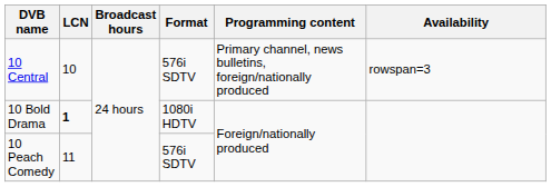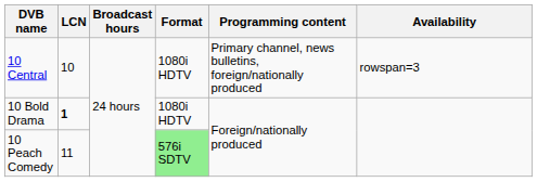 <table class="wikitable" style="font-size:90%; width:100%;">
 <tr>
 <th width="10%">DVB name</th>
 <th width="6%">LCN</th>
 <th width="10%">Broadcast hours</th>
 <th width="10%">Format</th>
 <th width="28%">Programming content</th>
 <th width="33%">Availability</th>
 </tr>
 <tr>
 <td><a href='#'>10 Central</a></td>
 <td>10</td>
 <td rowspan=3>24 hours</td>
-<td>576i SDTV</td>
+<td>1080i HDTV</td>
 <td>Primary channel, news bulletins, foreign/nationally produced </td>
 <td>rowspan=3 </td>
 </tr>
 <tr>
 <td>10 Bold Drama</td>
 <td><strong>1</strong></td>
 <td>1080i HDTV</td>
 <td rowspan=2>Foreign/nationally produced </td>
 </tr>
 <tr>
 <td>10 Peach Comedy</td>
 <td>11</td>
-<td>576i SDTV</td>
+<td style="background: lightgreen;">576i SDTV</td>
 </tr>
 </table>
